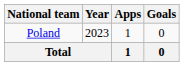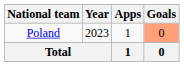 <table class="wikitable" style="text-align:center">
 <tr>
 <th>National team</th>
 <th>Year</th>
 <th>Apps</th>
 <th>Goals</th>
 </tr>
 <tr>
 <td rowspan="1"><a href='#'>Poland</a></td>
 <td>2023</td>
 <td>1</td>
-<td>0</td>
+<td style="background: lightsalmon;">0</td>
 </tr>
 <tr>
 <th colspan="2">Total</th>
 <th>1</th>
 <th>0</th>
 </tr>
 </table>
